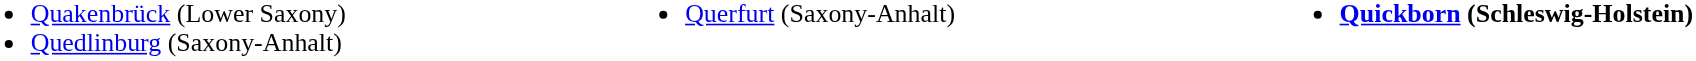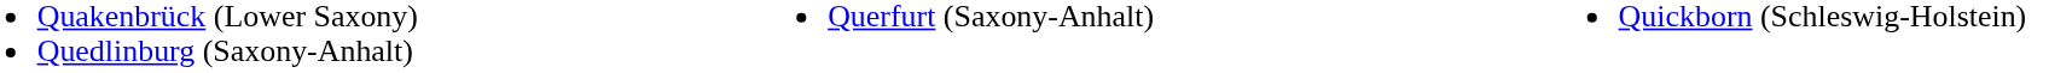 <table>
 <tr>
 <td colspan="3"></td>
 </tr>
 <tr ---->
 <td width="400" valign="top"><br><ul><li><a href='#'>Quakenbrück</a> (Lower Saxony)</li><li><a href='#'>Quedlinburg</a> (Saxony-Anhalt)</li></ul></td>
 <td width="400" valign="top"><br><ul><li><a href='#'>Querfurt</a> (Saxony-Anhalt)</li></ul></td>
-<td width="400" valign="top"><strong><br><ul><li><a href='#'>Quickborn</a> (Schleswig-Holstein)</li></ul></strong></td>
+<td width="400" valign="top"><br><ul><li><a href='#'>Quickborn</a> (Schleswig-Holstein)</li></ul></td>
 </tr>
 </table>
